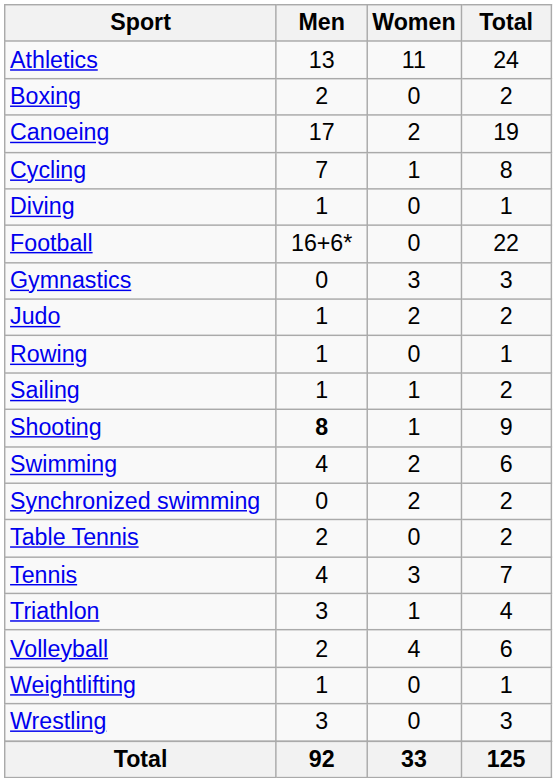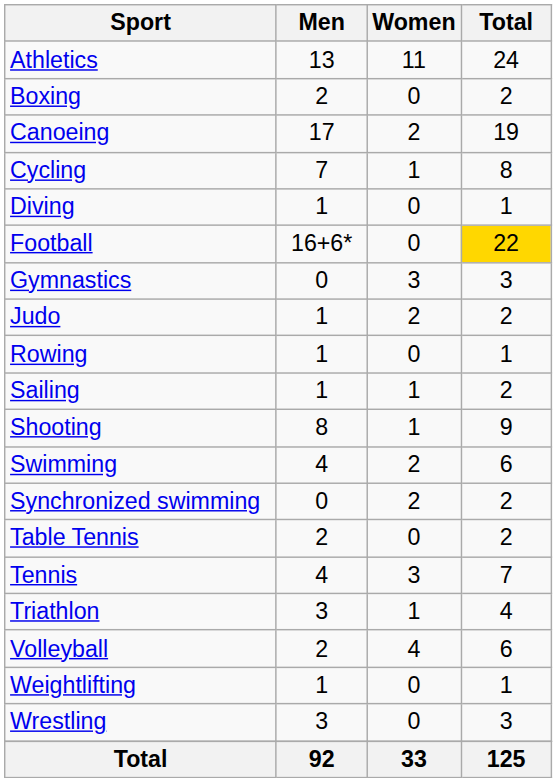 <table class="wikitable sortable" style="text-align:center;">
 <tr>
 <th width=180>Sport</th>
 <th width=55>Men</th>
 <th width=55>Women</th>
 <th width=55>Total</th>
 </tr>
 <tr>
 <td align=left><a href='#'>Athletics</a></td>
 <td>13</td>
 <td>11</td>
 <td>24</td>
 </tr>
 <tr>
 <td align=left><a href='#'>Boxing</a></td>
 <td>2</td>
 <td>0</td>
 <td>2</td>
 </tr>
 <tr>
 <td align=left><a href='#'>Canoeing</a></td>
 <td>17</td>
 <td>2</td>
 <td>19</td>
 </tr>
 <tr>
 <td align=left><a href='#'>Cycling</a></td>
 <td>7</td>
 <td>1</td>
 <td>8</td>
 </tr>
 <tr>
 <td align=left><a href='#'>Diving</a></td>
 <td>1</td>
 <td>0</td>
 <td>1</td>
 </tr>
 <tr>
 <td align=left><a href='#'>Football</a></td>
 <td>16+6*</td>
 <td>0</td>
-<td>22</td>
+<td style="background: gold;">22</td>
 </tr>
 <tr>
 <td align=left><a href='#'>Gymnastics</a></td>
 <td>0</td>
 <td>3</td>
 <td>3</td>
 </tr>
 <tr>
 <td align=left><a href='#'>Judo</a></td>
 <td>1</td>
 <td>2</td>
 <td>2</td>
 </tr>
 <tr>
 <td align=left><a href='#'>Rowing</a></td>
 <td>1</td>
 <td>0</td>
 <td>1</td>
 </tr>
 <tr>
 <td align=left><a href='#'>Sailing</a></td>
 <td>1</td>
 <td>1</td>
 <td>2</td>
 </tr>
 <tr>
 <td align=left><a href='#'>Shooting</a></td>
-<td><strong>8</strong></td>
+<td>8</td>
 <td>1</td>
 <td>9</td>
 </tr>
 <tr>
 <td align=left><a href='#'>Swimming</a></td>
 <td>4</td>
 <td>2</td>
 <td>6</td>
 </tr>
 <tr>
 <td align=left><a href='#'>Synchronized swimming</a></td>
 <td>0</td>
 <td>2</td>
 <td>2</td>
 </tr>
 <tr>
 <td align=left><a href='#'>Table Tennis</a></td>
 <td>2</td>
 <td>0</td>
 <td>2</td>
 </tr>
 <tr>
 <td align=left><a href='#'>Tennis</a></td>
 <td>4</td>
 <td>3</td>
 <td>7</td>
 </tr>
 <tr>
 <td align=left><a href='#'>Triathlon</a></td>
 <td>3</td>
 <td>1</td>
 <td>4</td>
 </tr>
 <tr>
 <td align=left><a href='#'>Volleyball</a></td>
 <td>2</td>
 <td>4</td>
 <td>6</td>
 </tr>
 <tr>
 <td align=left><a href='#'>Weightlifting</a></td>
 <td>1</td>
 <td>0</td>
 <td>1</td>
 </tr>
 <tr>
 <td align=left><a href='#'>Wrestling</a></td>
 <td>3</td>
 <td>0</td>
 <td>3</td>
 </tr>
 <tr>
 </tr>
 <tr class="sortbottom">
 <th>Total</th>
 <th>92</th>
 <th>33</th>
 <th>125</th>
 </tr>
 </table>
